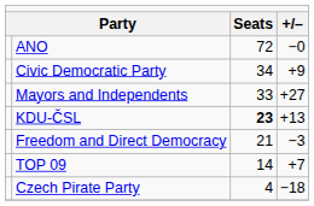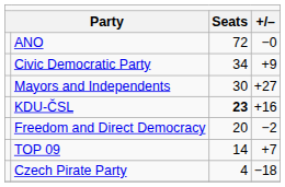 <table class=wikitable style=text-align:right>
 <tr>
 <td colspan=7></td>
 </tr>
 <tr>
 <th colspan=2>Party</th>
 <th>Seats</th>
 <th>+/–</th>
 </tr>
 <tr>
 <td></td>
 <td align=left><a href='#'>ANO</a></td>
 <td>72</td>
 <td>−0</td>
 </tr>
 <tr>
 <td></td>
 <td align=left><a href='#'>Civic Democratic Party</a></td>
 <td>34</td>
 <td>+9</td>
 </tr>
 <tr>
 <td></td>
 <td align=left><a href='#'>Mayors and Independents</a></td>
-<td>33</td>
+<td>30</td>
 <td>+27</td>
 </tr>
 <tr>
 <td></td>
 <td align=left><a href='#'>KDU-ČSL</a></td>
 <td><strong>23</strong></td>
-<td>+13</td>
+<td>+16</td>
 </tr>
 <tr>
 <td></td>
 <td align=left><a href='#'>Freedom and Direct Democracy</a></td>
-<td>21</td>
-<td>−3</td>
+<td>20</td>
+<td>−2</td>
 </tr>
 <tr>
 <td></td>
 <td align=left><a href='#'>TOP 09</a></td>
 <td>14</td>
 <td>+7</td>
 </tr>
 <tr>
 <td></td>
 <td align=left><a href='#'>Czech Pirate Party</a></td>
 <td>4</td>
 <td>−18</td>
 </tr>
 <tr>
 </tr>
 </table>
